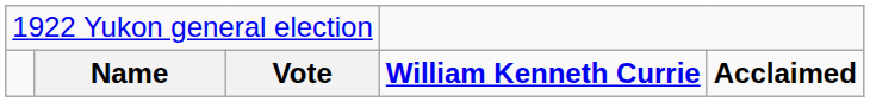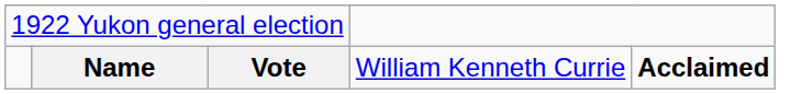 <table class="wikitable">
 <tr>
 <td colspan=3 align=center><a href='#'>1922 Yukon general election</a></td>
 </tr>
 <tr>
 <td></td>
 <th><strong>Name </strong></th>
 <th><strong>Vote</strong><br></th>
-<td><strong><a href='#'>William Kenneth Currie</a></strong></td>
+<td><a href='#'>William Kenneth Currie</a></td>
 <td colspan="2" align=center><strong>Acclaimed</strong></td>
 </tr>
 </table>
